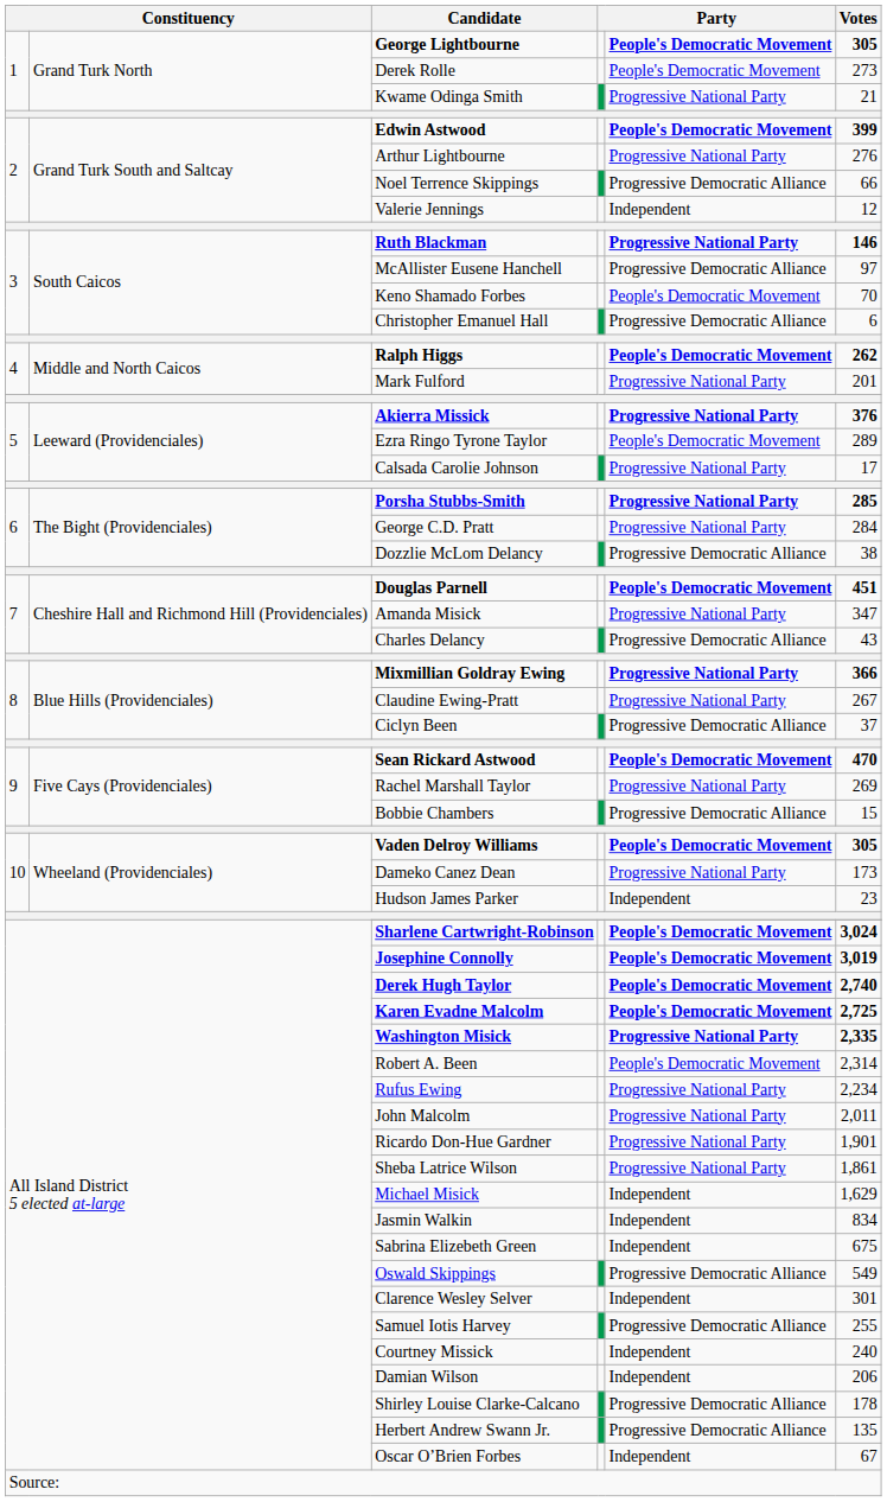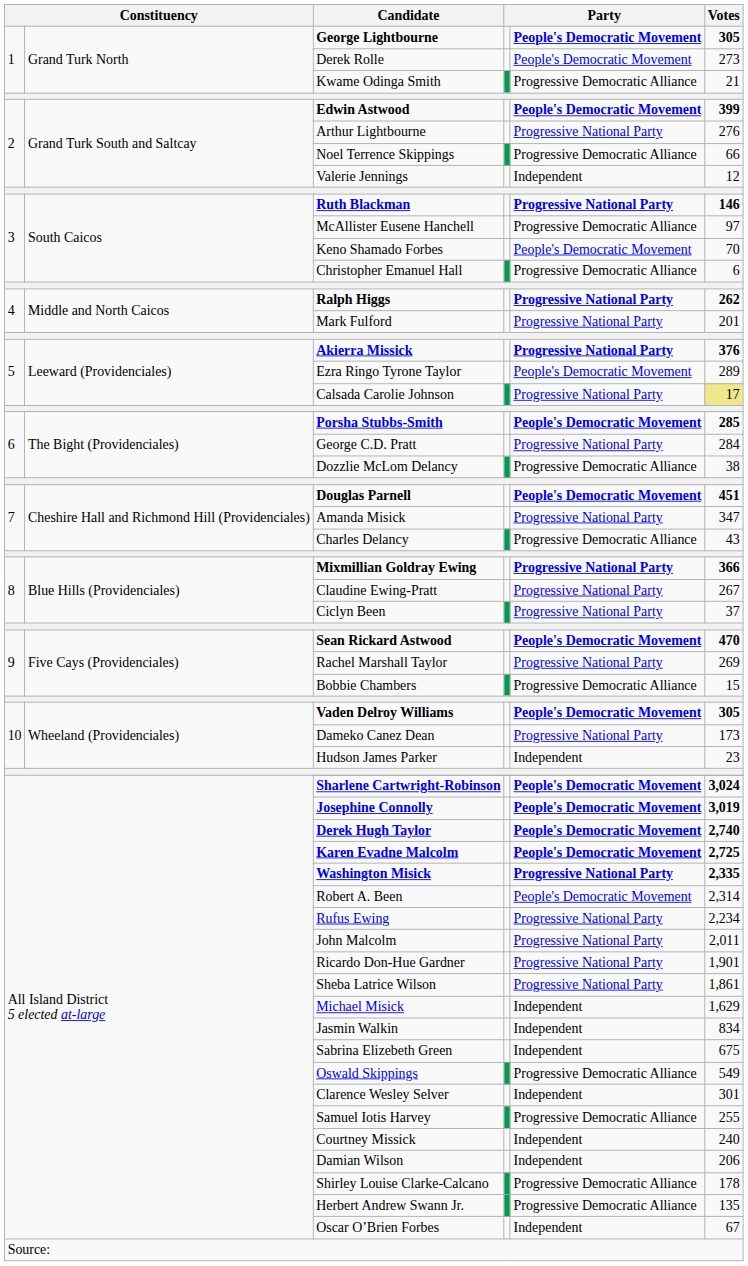 <table class=wikitable>
 <tr>
 <th colspan=2>Constituency</th>
 <th>Candidate</th>
 <th colspan=2>Party</th>
 <th>Votes</th>
 </tr>
 <tr>
 <td rowspan=3>1</td>
 <td rowspan=3>Grand Turk North</td>
 <td><strong>George Lightbourne</strong></td>
 <td style="background-color:"></td>
 <td><strong><a href='#'>People's Democratic Movement</a></strong></td>
 <td align=right><strong>305</strong></td>
 </tr>
 <tr>
 <td>Derek Rolle</td>
 <td style="background-color:"></td>
 <td><a href='#'>People's Democratic Movement</a></td>
 <td align=right>273</td>
 </tr>
 <tr>
 <td>Kwame Odinga Smith</td>
 <td style="background-color:#009B4D"></td>
-<td><a href='#'>Progressive National Party</a></td>
+<td>Progressive Democratic Alliance</td>
 <td align=right>21</td>
 </tr>
 <tr>
 <th colspan=6></th>
 </tr>
 <tr>
 <td rowspan=4>2</td>
 <td rowspan=4>Grand Turk South and Saltcay</td>
 <td><strong>Edwin Astwood</strong></td>
 <td style="background-color:"></td>
 <td><strong><a href='#'>People's Democratic Movement</a></strong></td>
 <td align=right><strong>399</strong></td>
 </tr>
 <tr>
 <td>Arthur Lightbourne</td>
 <td style="background-color:"></td>
 <td><a href='#'>Progressive National Party</a></td>
 <td align=right>276</td>
 </tr>
 <tr>
 <td>Noel Terrence Skippings</td>
 <td style="background-color:#009B4D"></td>
 <td>Progressive Democratic Alliance</td>
 <td align=right>66</td>
 </tr>
 <tr>
 <td>Valerie Jennings</td>
 <td style="background-color:"></td>
 <td>Independent</td>
 <td align=right>12</td>
 </tr>
 <tr>
 <th colspan=6></th>
 </tr>
 <tr>
 <td rowspan=4>3</td>
 <td rowspan=4>South Caicos</td>
 <td><strong><a href='#'>Ruth Blackman</a></strong></td>
 <td style="background-color:"></td>
 <td><strong><a href='#'>Progressive National Party</a></strong></td>
 <td align=right><strong>146</strong></td>
 </tr>
 <tr>
 <td>McAllister Eusene Hanchell</td>
 <td style="background-color:"></td>
 <td>Progressive Democratic Alliance</td>
 <td align=right>97</td>
 </tr>
 <tr>
 <td>Keno Shamado Forbes</td>
 <td style="background-color:"></td>
 <td><a href='#'>People's Democratic Movement</a></td>
 <td align=right>70</td>
 </tr>
 <tr>
 <td>Christopher Emanuel Hall</td>
 <td style="background-color:#009B4D"></td>
 <td>Progressive Democratic Alliance</td>
 <td align=right>6</td>
 </tr>
 <tr>
 <th colspan=6></th>
 </tr>
 <tr>
 <td rowspan=2>4</td>
 <td rowspan=2>Middle and North Caicos</td>
 <td><strong>Ralph Higgs</strong></td>
 <td style="background-color:"></td>
-<td><strong><a href='#'>People's Democratic Movement</a></strong></td>
+<td><strong><a href='#'>Progressive National Party</a></strong></td>
 <td align=right><strong>262</strong></td>
 </tr>
 <tr>
 <td>Mark Fulford</td>
 <td style="background-color:"></td>
 <td><a href='#'>Progressive National Party</a></td>
 <td align=right>201</td>
 </tr>
 <tr>
 <th colspan=6></th>
 </tr>
 <tr>
 <td rowspan=3>5</td>
 <td rowspan=3>Leeward (Providenciales)</td>
 <td><strong><a href='#'>Akierra Missick</a></strong></td>
 <td style="background-color:"></td>
 <td><strong><a href='#'>Progressive National Party</a></strong></td>
 <td align=right><strong>376</strong></td>
 </tr>
 <tr>
 <td>Ezra Ringo Tyrone Taylor</td>
 <td style="background-color:"></td>
 <td><a href='#'>People's Democratic Movement</a></td>
 <td align=right>289</td>
 </tr>
 <tr>
 <td>Calsada Carolie Johnson</td>
 <td style="background-color:#009B4D"></td>
 <td><a href='#'>Progressive National Party</a></td>
-<td align=right>17</td>
+<td align=right style="background: khaki;">17</td>
 </tr>
 <tr>
 <th colspan=6></th>
 </tr>
 <tr>
 <td rowspan=3>6</td>
 <td rowspan=3>The Bight (Providenciales)</td>
 <td><strong><a href='#'>Porsha Stubbs-Smith</a></strong></td>
 <td style="background-color:"></td>
-<td><strong><a href='#'>Progressive National Party</a></strong></td>
+<td><strong><a href='#'>People's Democratic Movement</a></strong></td>
 <td align=right><strong>285</strong></td>
 </tr>
 <tr>
 <td>George C.D. Pratt</td>
 <td style="background-color:"></td>
 <td><a href='#'>Progressive National Party</a></td>
 <td align=right>284</td>
 </tr>
 <tr>
 <td>Dozzlie McLom Delancy</td>
 <td style="background-color:#009B4D"></td>
 <td>Progressive Democratic Alliance</td>
 <td align=right>38</td>
 </tr>
 <tr>
 <th colspan=6></th>
 </tr>
 <tr>
 <td rowspan=3>7</td>
 <td rowspan=3>Cheshire Hall and Richmond Hill (Providenciales)</td>
 <td><strong>Douglas Parnell</strong></td>
 <td style="background-color:"></td>
 <td><strong><a href='#'>People's Democratic Movement</a></strong></td>
 <td align=right><strong>451</strong></td>
 </tr>
 <tr>
 <td>Amanda Misick</td>
 <td style="background-color:"></td>
 <td><a href='#'>Progressive National Party</a></td>
 <td align=right>347</td>
 </tr>
 <tr>
 <td>Charles Delancy</td>
 <td style="background-color:#009B4D"></td>
 <td>Progressive Democratic Alliance</td>
 <td align=right>43</td>
 </tr>
 <tr>
 <th colspan=6></th>
 </tr>
 <tr>
 <td rowspan=3>8</td>
 <td rowspan=3>Blue Hills (Providenciales)</td>
 <td><strong>Mixmillian Goldray Ewing</strong></td>
 <td style="background-color:"></td>
 <td><strong><a href='#'>Progressive National Party</a></strong></td>
 <td align=right><strong>366</strong></td>
 </tr>
 <tr>
 <td>Claudine Ewing-Pratt</td>
 <td style="background-color:"></td>
 <td><a href='#'>Progressive National Party</a></td>
 <td align=right>267</td>
 </tr>
 <tr>
 <td>Ciclyn Been</td>
 <td style="background-color:#009B4D"></td>
-<td>Progressive Democratic Alliance</td>
+<td><a href='#'>Progressive National Party</a></td>
 <td align=right>37</td>
 </tr>
 <tr>
 <th colspan=6></th>
 </tr>
 <tr>
 <td rowspan=3>9</td>
 <td rowspan=3>Five Cays (Providenciales)</td>
 <td><strong>Sean Rickard Astwood</strong></td>
 <td style="background-color:"></td>
 <td><strong><a href='#'>People's Democratic Movement</a></strong></td>
 <td align=right><strong>470</strong></td>
 </tr>
 <tr>
 <td>Rachel Marshall Taylor</td>
 <td style="background-color:"></td>
 <td><a href='#'>Progressive National Party</a></td>
 <td align=right>269</td>
 </tr>
 <tr>
 <td>Bobbie Chambers</td>
 <td style="background-color:#009B4D"></td>
 <td>Progressive Democratic Alliance</td>
 <td align=right>15</td>
 </tr>
 <tr>
 <th colspan=6></th>
 </tr>
 <tr>
 <td rowspan=3>10</td>
 <td rowspan=3>Wheeland (Providenciales)</td>
 <td><strong>Vaden Delroy Williams</strong></td>
 <td style="background-color:"></td>
 <td><strong><a href='#'>People's Democratic Movement</a></strong></td>
 <td align=right><strong>305</strong></td>
 </tr>
 <tr>
 <td>Dameko Canez Dean</td>
 <td style="background-color:"></td>
 <td><a href='#'>Progressive National Party</a></td>
 <td align=right>173</td>
 </tr>
 <tr>
 <td>Hudson James Parker</td>
 <td style="background-color:"></td>
 <td>Independent</td>
 <td align=right>23</td>
 </tr>
 <tr>
 <th colspan=6></th>
 </tr>
 <tr>
 <td colspan=2 rowspan=22>All Island District<br><em>5 elected <a href='#'>at-large</a></em></td>
 </tr>
 <tr>
 <td><strong><a href='#'>Sharlene Cartwright-Robinson</a></strong></td>
 <td style="background-color:"></td>
 <td><strong><a href='#'>People's Democratic Movement</a></strong></td>
 <td align=right><strong>3,024</strong></td>
 </tr>
 <tr>
 <td><strong><a href='#'>Josephine Connolly</a></strong></td>
 <td style="background-color:"></td>
 <td><strong><a href='#'>People's Democratic Movement</a></strong></td>
 <td align=right><strong>3,019</strong></td>
 </tr>
 <tr>
 <td><strong><a href='#'>Derek Hugh Taylor</a></strong></td>
 <td style="background-color:"></td>
 <td><strong><a href='#'>People's Democratic Movement</a></strong></td>
 <td align=right><strong>2,740</strong></td>
 </tr>
 <tr>
 <td><strong><a href='#'>Karen Evadne Malcolm</a></strong></td>
 <td style="background-color:"></td>
 <td><strong><a href='#'>People's Democratic Movement</a></strong></td>
 <td align=right><strong>2,725</strong></td>
 </tr>
 <tr>
 <td><strong><a href='#'>Washington Misick</a></strong></td>
 <td style="background-color:"></td>
 <td><strong><a href='#'>Progressive National Party</a></strong></td>
 <td align=right><strong>2,335</strong></td>
 </tr>
 <tr>
 <td>Robert A. Been</td>
 <td style="background-color:"></td>
 <td><a href='#'>People's Democratic Movement</a></td>
 <td align=right>2,314</td>
 </tr>
 <tr>
 <td><a href='#'>Rufus Ewing</a></td>
 <td style="background-color:"></td>
 <td><a href='#'>Progressive National Party</a></td>
 <td align=right>2,234</td>
 </tr>
 <tr>
 <td>John Malcolm</td>
 <td style="background-color:"></td>
 <td><a href='#'>Progressive National Party</a></td>
 <td align=right>2,011</td>
 </tr>
 <tr>
 <td>Ricardo Don-Hue Gardner</td>
 <td style="background-color:"></td>
 <td><a href='#'>Progressive National Party</a></td>
 <td align=right>1,901</td>
 </tr>
 <tr>
 <td>Sheba Latrice Wilson</td>
 <td style="background-color:"></td>
 <td><a href='#'>Progressive National Party</a></td>
 <td align=right>1,861</td>
 </tr>
 <tr>
 <td><a href='#'>Michael Misick</a></td>
 <td style="background-color:"></td>
 <td>Independent</td>
 <td align=right>1,629</td>
 </tr>
 <tr>
 <td>Jasmin Walkin</td>
 <td style="background-color:"></td>
 <td>Independent</td>
 <td align=right>834</td>
 </tr>
 <tr>
 <td>Sabrina Elizebeth Green</td>
 <td style="background-color:"></td>
 <td>Independent</td>
 <td align=right>675</td>
 </tr>
 <tr>
 <td><a href='#'>Oswald Skippings</a></td>
 <td style="background-color:#009B4D"></td>
 <td>Progressive Democratic Alliance</td>
 <td align=right>549</td>
 </tr>
 <tr>
 <td>Clarence Wesley Selver</td>
 <td style="background-color:"></td>
 <td>Independent</td>
 <td align=right>301</td>
 </tr>
 <tr>
 <td>Samuel Iotis Harvey</td>
 <td style="background-color:#009B4D"></td>
 <td>Progressive Democratic Alliance</td>
 <td align=right>255</td>
 </tr>
 <tr>
 <td>Courtney Missick</td>
 <td style="background-color:"></td>
 <td>Independent</td>
 <td align=right>240</td>
 </tr>
 <tr>
 <td>Damian Wilson</td>
 <td style="background-color:"></td>
 <td>Independent</td>
 <td align=right>206</td>
 </tr>
 <tr>
 <td>Shirley Louise Clarke-Calcano</td>
 <td style="background-color:#009B4D"></td>
 <td>Progressive Democratic Alliance</td>
 <td align=right>178</td>
 </tr>
 <tr>
 <td>Herbert Andrew Swann Jr.</td>
 <td style="background-color:#009B4D"></td>
 <td>Progressive Democratic Alliance</td>
 <td align=right>135</td>
 </tr>
 <tr>
 <td>Oscar O’Brien Forbes</td>
 <td style="background-color:"></td>
 <td>Independent</td>
 <td align=right>67</td>
 </tr>
 <tr>
 <td align=left colspan=6>Source: </td>
 </tr>
 </table>
